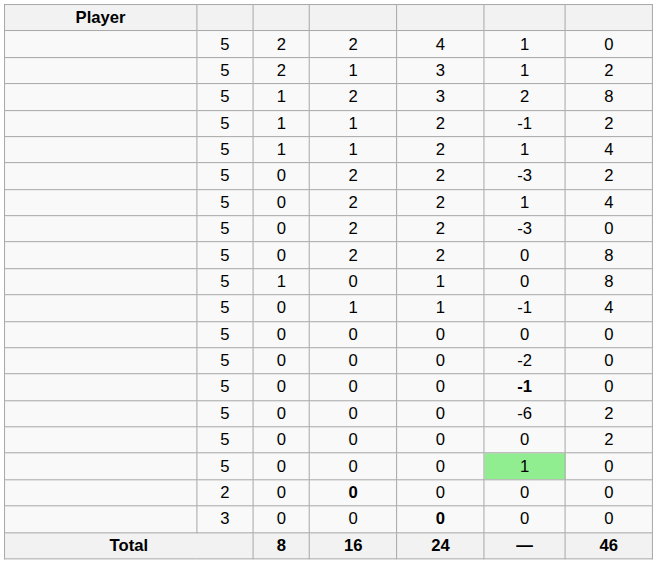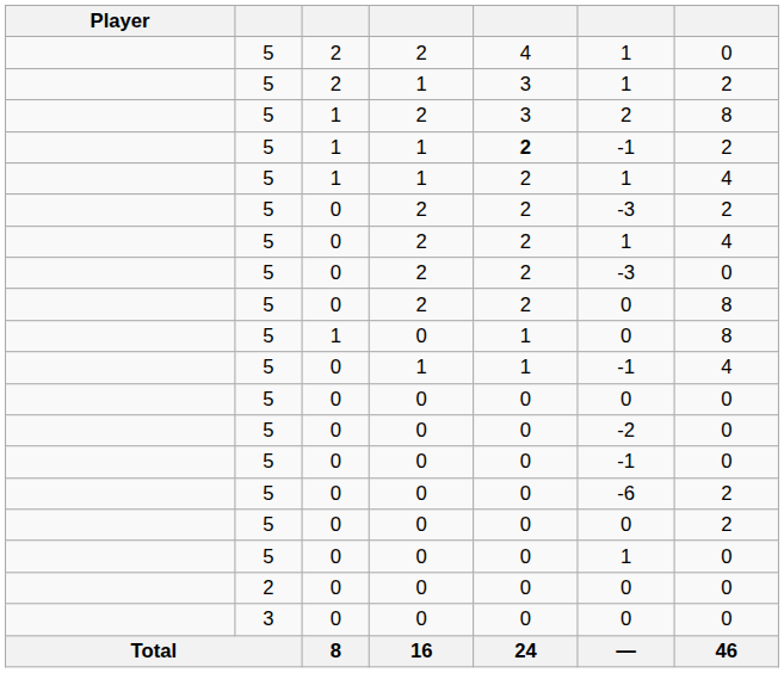 <table class="wikitable sortable" style="width:100%; text-align:center;">
 <tr>
 <th>Player</th>
 <th></th>
 <th></th>
 <th></th>
 <th></th>
 <th data-sort-type="number"></th>
 <th></th>
 </tr>
 <tr>
 <td></td>
 <td>5</td>
 <td>2</td>
 <td>2</td>
 <td>4</td>
 <td>1</td>
 <td>0</td>
 </tr>
 <tr>
 <td></td>
 <td>5</td>
 <td>2</td>
 <td>1</td>
 <td>3</td>
 <td>1</td>
 <td>2</td>
 </tr>
 <tr>
 <td></td>
 <td>5</td>
 <td>1</td>
 <td>2</td>
 <td>3</td>
 <td>2</td>
 <td>8</td>
 </tr>
 <tr>
 <td></td>
 <td>5</td>
 <td>1</td>
 <td>1</td>
-<td>2</td>
+<td><strong>2</strong></td>
 <td>-1</td>
 <td>2</td>
 </tr>
 <tr>
 <td></td>
 <td>5</td>
 <td>1</td>
 <td>1</td>
 <td>2</td>
 <td>1</td>
 <td>4</td>
 </tr>
 <tr>
 <td></td>
 <td>5</td>
 <td>0</td>
 <td>2</td>
 <td>2</td>
 <td>-3</td>
 <td>2</td>
 </tr>
 <tr>
 <td></td>
 <td>5</td>
 <td>0</td>
 <td>2</td>
 <td>2</td>
 <td>1</td>
 <td>4</td>
 </tr>
 <tr>
 <td></td>
 <td>5</td>
 <td>0</td>
 <td>2</td>
 <td>2</td>
 <td>-3</td>
 <td>0</td>
 </tr>
 <tr>
 <td></td>
 <td>5</td>
 <td>0</td>
 <td>2</td>
 <td>2</td>
 <td>0</td>
 <td>8</td>
 </tr>
 <tr>
 <td></td>
 <td>5</td>
 <td>1</td>
 <td>0</td>
 <td>1</td>
 <td>0</td>
 <td>8</td>
 </tr>
 <tr>
 <td></td>
 <td>5</td>
 <td>0</td>
 <td>1</td>
 <td>1</td>
 <td>-1</td>
 <td>4</td>
 </tr>
 <tr>
 <td></td>
 <td>5</td>
 <td>0</td>
 <td>0</td>
 <td>0</td>
 <td>0</td>
 <td>0</td>
 </tr>
 <tr>
 <td></td>
 <td>5</td>
 <td>0</td>
 <td>0</td>
 <td>0</td>
 <td>-2</td>
 <td>0</td>
 </tr>
 <tr>
 <td></td>
 <td>5</td>
 <td>0</td>
 <td>0</td>
 <td>0</td>
-<td><strong>-1</strong></td>
+<td>-1</td>
 <td>0</td>
 </tr>
 <tr>
 <td></td>
 <td>5</td>
 <td>0</td>
 <td>0</td>
 <td>0</td>
 <td>-6</td>
 <td>2</td>
 </tr>
 <tr>
 <td></td>
 <td>5</td>
 <td>0</td>
 <td>0</td>
 <td>0</td>
 <td>0</td>
 <td>2</td>
 </tr>
 <tr>
 <td></td>
 <td>5</td>
 <td>0</td>
 <td>0</td>
 <td>0</td>
-<td style="background: lightgreen;">1</td>
+<td>1</td>
 <td>0</td>
 </tr>
 <tr>
 <td></td>
 <td>2</td>
 <td>0</td>
-<td><strong>0</strong></td>
+<td>0</td>
 <td>0</td>
 <td>0</td>
 <td>0</td>
 </tr>
 <tr>
 <td></td>
 <td>3</td>
 <td>0</td>
 <td>0</td>
-<td><strong>0</strong></td>
+<td>0</td>
 <td>0</td>
 <td>0</td>
 </tr>
 <tr class="sortbottom">
 <th colspan=2>Total</th>
 <th>8</th>
 <th>16</th>
 <th>24</th>
 <th>—</th>
 <th>46</th>
 </tr>
 </table>
